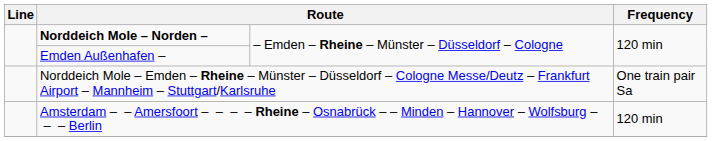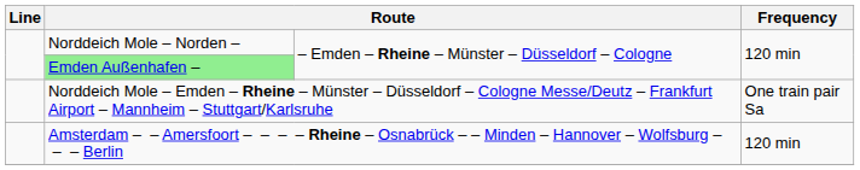 <table class="wikitable">
 <tr>
 <th>Line</th>
 <th colspan="2">Route</th>
 <th>Frequency</th>
 </tr>
 <tr>
 <td rowspan="2"></td>
-<td><strong>Norddeich Mole – Norden –</strong></td>
+<td>Norddeich Mole – Norden –</td>
 <td rowspan="2">– Emden – <strong>Rheine</strong> – Münster – <a href='#'>Düsseldorf</a> – <a href='#'>Cologne</a></td>
 <td rowspan="2">120 min</td>
 </tr>
 <tr>
-<td><a href='#'>Emden Außenhafen</a> –</td>
+<td style="background: lightgreen;"><a href='#'>Emden Außenhafen</a> –</td>
 </tr>
 <tr>
 <td></td>
 <td colspan="2">Norddeich Mole – Emden – <strong>Rheine</strong> – Münster – Düsseldorf – <a href='#'>Cologne Messe/Deutz</a> – <a href='#'>Frankfurt Airport</a> – <a href='#'>Mannheim</a> – <a href='#'>Stuttgart</a>/<a href='#'>Karlsruhe</a></td>
 <td>One train pair Sa</td>
 </tr>
 <tr>
 <td></td>
 <td colspan="2"><a href='#'>Amsterdam</a> –  – <a href='#'>Amersfoort</a> –  –  –  – <strong>Rheine</strong> – <a href='#'>Osnabrück</a> –  – <a href='#'>Minden</a> – <a href='#'>Hannover</a> – <a href='#'>Wolfsburg</a> –  –  – <a href='#'>Berlin</a></td>
 <td>120 min</td>
 </tr>
 <tr>
 </tr>
 </table>
